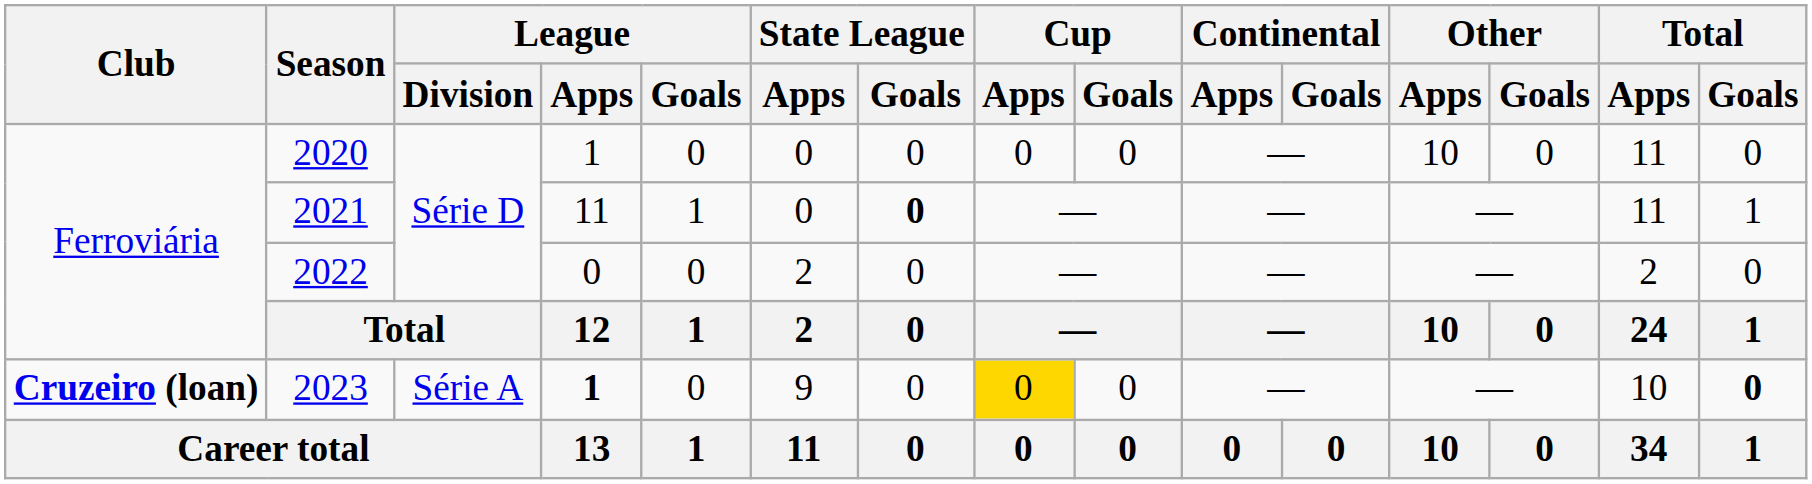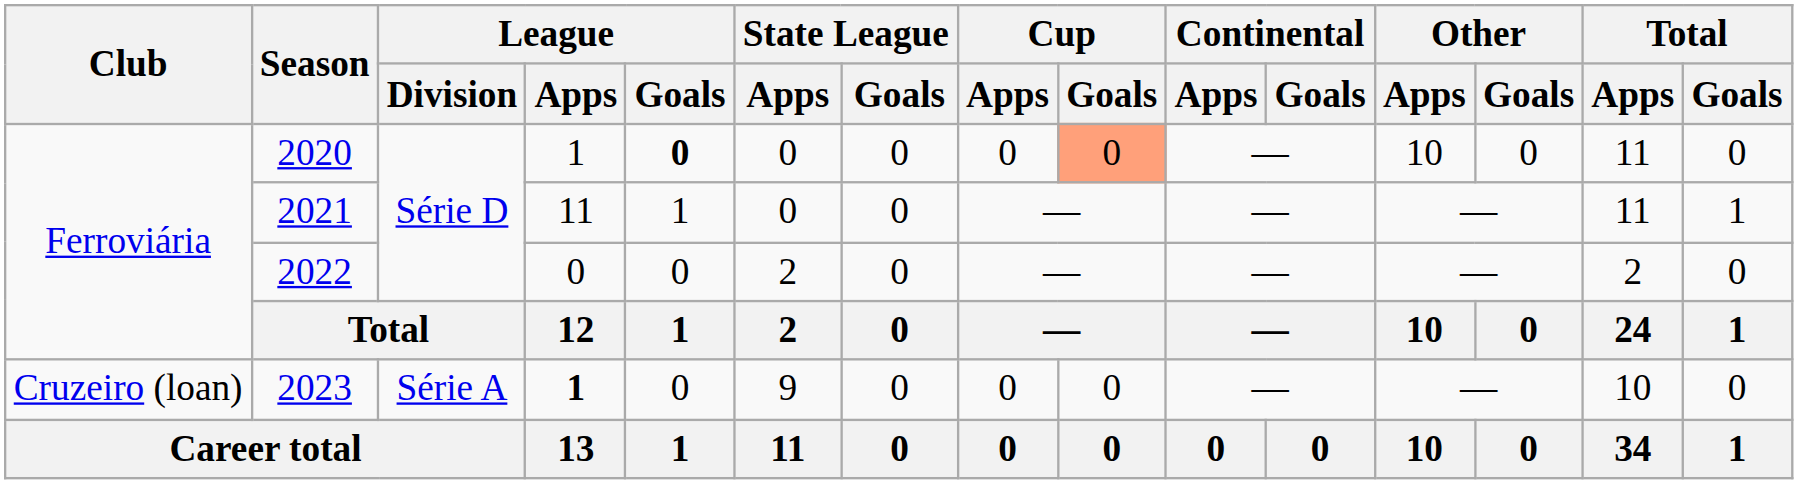 <table class="wikitable" style="text-align: center;">
 <tr>
 <th rowspan="2">Club</th>
 <th rowspan="2">Season</th>
 <th colspan="3">League</th>
 <th colspan="2">State League</th>
 <th colspan="2">Cup</th>
 <th colspan="2">Continental</th>
 <th colspan="2">Other</th>
 <th colspan="2">Total</th>
 </tr>
 <tr>
 <th>Division</th>
 <th>Apps</th>
 <th>Goals</th>
 <th>Apps</th>
 <th>Goals</th>
 <th>Apps</th>
 <th>Goals</th>
 <th>Apps</th>
 <th>Goals</th>
 <th>Apps</th>
 <th>Goals</th>
 <th>Apps</th>
 <th>Goals</th>
 </tr>
 <tr>
 <td rowspan="4" valign="center"><a href='#'>Ferroviária</a></td>
 <td><a href='#'>2020</a></td>
 <td rowspan="3"><a href='#'>Série D</a></td>
 <td>1</td>
+<td><strong>0</strong></td>
 <td>0</td>
 <td>0</td>
 <td>0</td>
-<td>0</td>
-<td>0</td>
+<td style="background: lightsalmon;">0</td>
 <td colspan="2">—</td>
 <td>10</td>
 <td>0</td>
 <td>11</td>
 <td>0</td>
 </tr>
 <tr>
 <td><a href='#'>2021</a></td>
 <td>11</td>
 <td>1</td>
 <td>0</td>
-<td><strong>0</strong></td>
+<td>0</td>
 <td colspan="2">—</td>
 <td colspan="2">—</td>
 <td colspan="2">—</td>
 <td>11</td>
 <td>1</td>
 </tr>
 <tr>
 <td><a href='#'>2022</a></td>
 <td>0</td>
 <td>0</td>
 <td>2</td>
 <td>0</td>
 <td colspan="2">—</td>
 <td colspan="2">—</td>
 <td colspan="2">—</td>
 <td>2</td>
 <td>0</td>
 </tr>
 <tr>
 <th colspan="2">Total</th>
 <th>12</th>
 <th>1</th>
 <th>2</th>
 <th>0</th>
 <th colspan="2">—</th>
 <th colspan="2">—</th>
 <th>10</th>
 <th>0</th>
 <th>24</th>
 <th>1</th>
 </tr>
 <tr>
-<td valign="center"><strong><a href='#'>Cruzeiro</a> (loan)</strong></td>
+<td valign="center"><a href='#'>Cruzeiro</a> (loan)</td>
 <td><a href='#'>2023</a></td>
 <td><a href='#'>Série A</a></td>
 <td><strong>1</strong></td>
 <td>0</td>
 <td>9</td>
 <td>0</td>
-<td style="background: gold;">0</td>
+<td>0</td>
 <td>0</td>
 <td colspan="2">—</td>
 <td colspan="2">—</td>
 <td>10</td>
-<td><strong>0</strong></td>
+<td>0</td>
 </tr>
 <tr>
 <th colspan="3"><strong>Career total</strong></th>
 <th>13</th>
 <th>1</th>
 <th>11</th>
 <th>0</th>
 <th>0</th>
 <th>0</th>
 <th>0</th>
 <th>0</th>
 <th>10</th>
 <th>0</th>
 <th>34</th>
 <th>1</th>
 </tr>
 </table>
